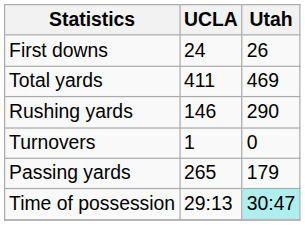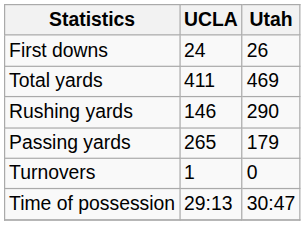 <table class="wikitable">
 <tr>
 <th>Statistics</th>
 <th>UCLA</th>
 <th>Utah</th>
 </tr>
 <tr>
 <td>First downs</td>
 <td>24</td>
 <td>26</td>
 </tr>
 <tr>
 <td>Total yards</td>
 <td>411</td>
 <td>469</td>
 </tr>
 <tr>
 <td>Rushing yards</td>
 <td>146</td>
 <td>290</td>
 </tr>
 <tr>
+<td>Passing yards</td>
+<td>265</td>
+<td>179</td>
+</tr>
+<tr>
 <td>Turnovers</td>
 <td>1</td>
 <td>0</td>
 </tr>
 <tr>
-<td>Passing yards</td>
-<td>265</td>
-<td>179</td>
-</tr>
-<tr>
 <td>Time of possession</td>
 <td>29:13</td>
-<td style="background: paleturquoise;">30:47</td>
+<td>30:47</td>
 </tr>
 <tr>
 </tr>
 </table>
